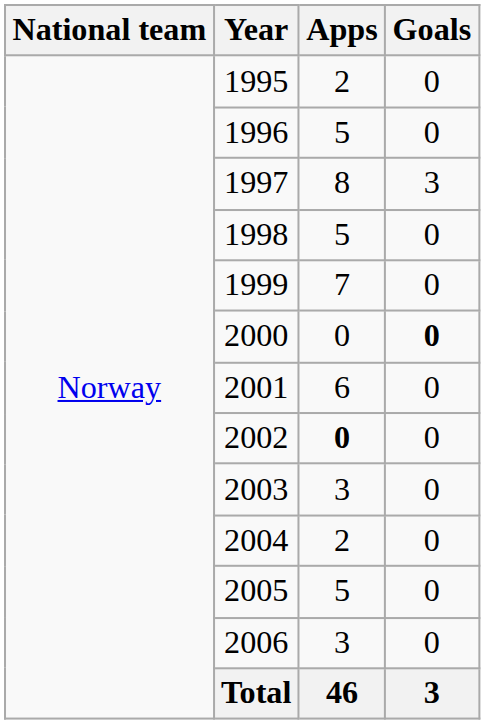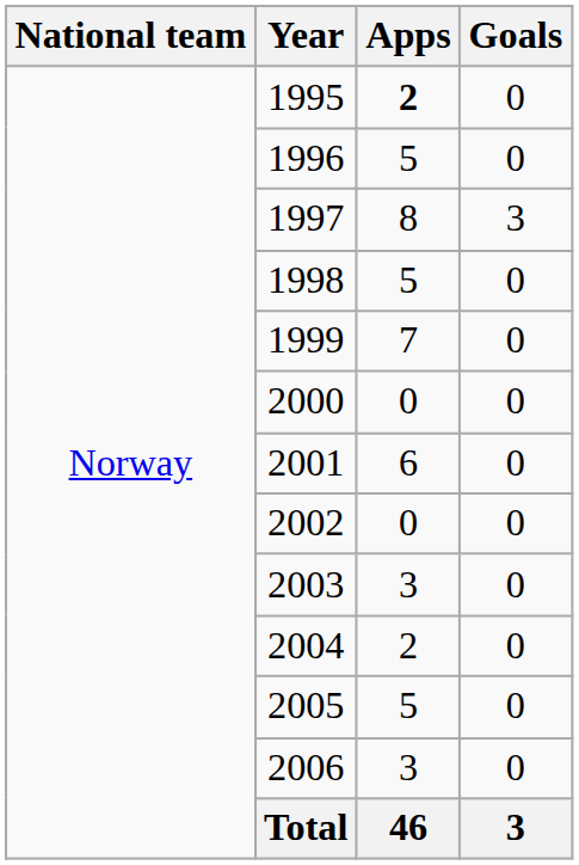 <table class="wikitable" style="text-align:center">
 <tr>
 <th>National team</th>
 <th>Year</th>
 <th>Apps</th>
 <th>Goals</th>
 </tr>
 <tr>
 <td rowspan="13"><a href='#'>Norway</a></td>
 <td>1995</td>
-<td>2</td>
+<td><strong>2</strong></td>
 <td>0</td>
 </tr>
 <tr>
 <td>1996</td>
 <td>5</td>
 <td>0</td>
 </tr>
 <tr>
 <td>1997</td>
 <td>8</td>
 <td>3</td>
 </tr>
 <tr>
 <td>1998</td>
 <td>5</td>
 <td>0</td>
 </tr>
 <tr>
 <td>1999</td>
 <td>7</td>
 <td>0</td>
 </tr>
 <tr>
 <td>2000</td>
 <td>0</td>
-<td><strong>0</strong></td>
+<td>0</td>
 </tr>
 <tr>
 <td>2001</td>
 <td>6</td>
 <td>0</td>
 </tr>
 <tr>
 <td>2002</td>
-<td><strong>0</strong></td>
+<td>0</td>
 <td>0</td>
 </tr>
 <tr>
 <td>2003</td>
 <td>3</td>
 <td>0</td>
 </tr>
 <tr>
 <td>2004</td>
 <td>2</td>
 <td>0</td>
 </tr>
 <tr>
 <td>2005</td>
 <td>5</td>
 <td>0</td>
 </tr>
 <tr>
 <td>2006</td>
 <td>3</td>
 <td>0</td>
 </tr>
 <tr>
 <th>Total</th>
 <th>46</th>
 <th>3</th>
 </tr>
 </table>
